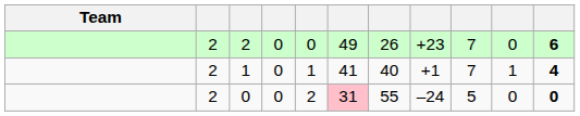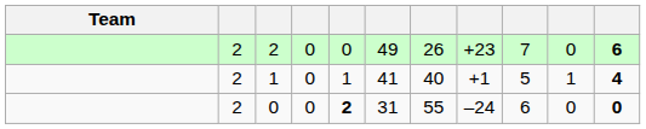 <table class="wikitable" style="text-align:center;">
 <tr>
 <th style="width:11.0em;">Team</th>
 <th style="width:1.5em;"></th>
 <th style="width:1.5em;"></th>
 <th style="width:1.5em;"></th>
 <th style="width:1.5em;"></th>
 <th style="width:2.0em;"></th>
 <th style="width:2.0em;"></th>
 <th style="width:2.0em;"></th>
 <th style="width:2.0em;"></th>
 <th style="width:2.0em;"></th>
 <th style="width:2.0em;"></th>
 </tr>
 <tr bgcolor=#cfc>
 <td align="left"></td>
 <td>2</td>
 <td>2</td>
 <td>0</td>
 <td>0</td>
 <td>49</td>
 <td>26</td>
 <td>+23</td>
 <td>7</td>
 <td>0</td>
 <td><strong>6</strong></td>
 </tr>
 <tr>
 <td align="left"></td>
 <td>2</td>
 <td>1</td>
 <td>0</td>
 <td>1</td>
 <td>41</td>
 <td>40</td>
 <td>+1</td>
-<td>7</td>
+<td>5</td>
 <td>1</td>
 <td><strong>4</strong></td>
 </tr>
 <tr>
 <td align="left"></td>
 <td>2</td>
 <td>0</td>
 <td>0</td>
-<td>2</td>
-<td style="background: pink;">31</td>
+<td><strong>2</strong></td>
+<td>31</td>
 <td>55</td>
 <td>–24</td>
-<td>5</td>
+<td>6</td>
 <td>0</td>
 <td><strong>0</strong></td>
 </tr>
 </table>
